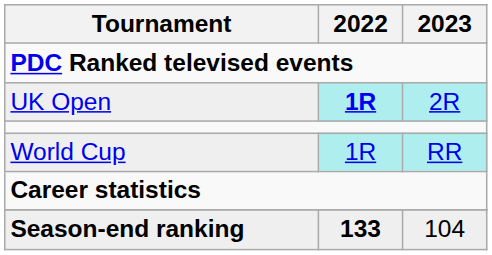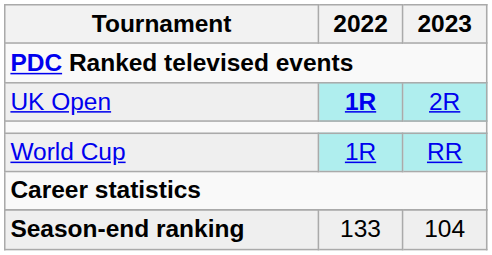 <table class="wikitable" style="width:25%; margin:0">
 <tr>
 <th>Tournament</th>
 <th>2022</th>
 <th>2023</th>
 </tr>
 <tr>
 <td colspan="10" align="left"><strong><a href='#'>PDC</a> Ranked televised events</strong></td>
 </tr>
 <tr>
 <td style="background:#efefef;"><a href='#'>UK Open</a></td>
 <td style="text-align:center; background:#afeeee;"><strong><a href='#'>1R</a></strong></td>
 <td style="text-align:center; background:#afeeee;"><a href='#'>2R</a></td>
 </tr>
 <tr>
 <td colspan="10" align="left"></td>
 </tr>
 <tr>
 <td style="background:#efefef;"><a href='#'>World Cup</a></td>
 <td style="text-align:center; background:#afeeee;"><a href='#'>1R</a></td>
 <td style="text-align:center; background:#afeeee;"><a href='#'>RR</a></td>
 </tr>
 <tr>
 <td colspan="22" align="left"><strong>Career statistics</strong></td>
 </tr>
 <tr>
 </tr>
 <tr bgcolor="efefef">
 <td align="left"><strong>Season-end ranking</strong></td>
-<td style="text-align:center;"><strong>133</strong></td>
+<td style="text-align:center;">133</td>
 <td style="text-align:center;">104</td>
 </tr>
 </table>
